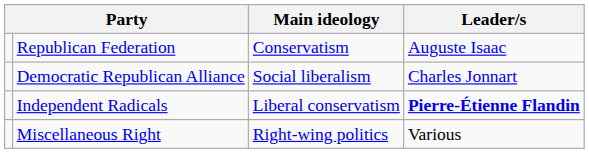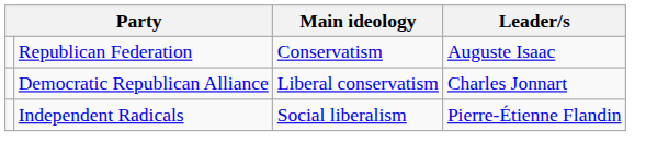 <table class="wikitable" style="font-size:95%">
 <tr>
 <th colspan=2>Party</th>
 <th>Main ideology</th>
 <th>Leader/s</th>
 </tr>
 <tr>
 <td></td>
 <td><a href='#'>Republican Federation</a></td>
 <td><a href='#'>Conservatism</a></td>
 <td><a href='#'>Auguste Isaac</a></td>
 </tr>
 <tr>
 <td></td>
 <td><a href='#'>Democratic Republican Alliance</a></td>
-<td><a href='#'>Social liberalism</a></td>
+<td><a href='#'>Liberal conservatism</a></td>
 <td><a href='#'>Charles Jonnart</a></td>
 </tr>
 <tr>
 <td></td>
 <td><a href='#'>Independent Radicals</a></td>
-<td><a href='#'>Liberal conservatism</a></td>
-<td><strong><a href='#'>Pierre-Étienne Flandin</a></strong></td>
-</tr>
-<tr>
-<td></td>
-<td><a href='#'>Miscellaneous Right</a></td>
-<td><a href='#'>Right-wing politics</a></td>
-<td>Various</td>
+<td><a href='#'>Social liberalism</a></td>
+<td><a href='#'>Pierre-Étienne Flandin</a></td>
 </tr>
 </table>
